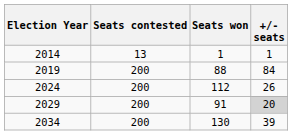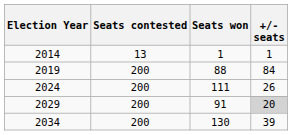 <table class="wikitable" style="text-align:center">
 <tr>
 <th Style="background-color:">Election Year</th>
 <th Style="background-color:">Seats contested</th>
 <th Style="background-color:">Seats won</th>
 <th Style="background-color:"><br>+/-<br>seats</th>
 </tr>
 <tr>
 <td>2014</td>
 <td>13</td>
 <td>1</td>
 <td> 1</td>
 </tr>
 <tr>
 <td>2019</td>
 <td>200</td>
 <td>88</td>
 <td> 84</td>
 </tr>
 <tr>
 <td>2024</td>
 <td>200</td>
-<td>112</td>
+<td>111</td>
 <td> 26</td>
 </tr>
 <tr>
 <td>2029</td>
 <td>200</td>
 <td>91</td>
 <td style="background: lightgrey;"> 20</td>
 </tr>
 <tr>
 <td>2034</td>
 <td>200</td>
 <td>130</td>
 <td> 39</td>
 </tr>
 </table>
